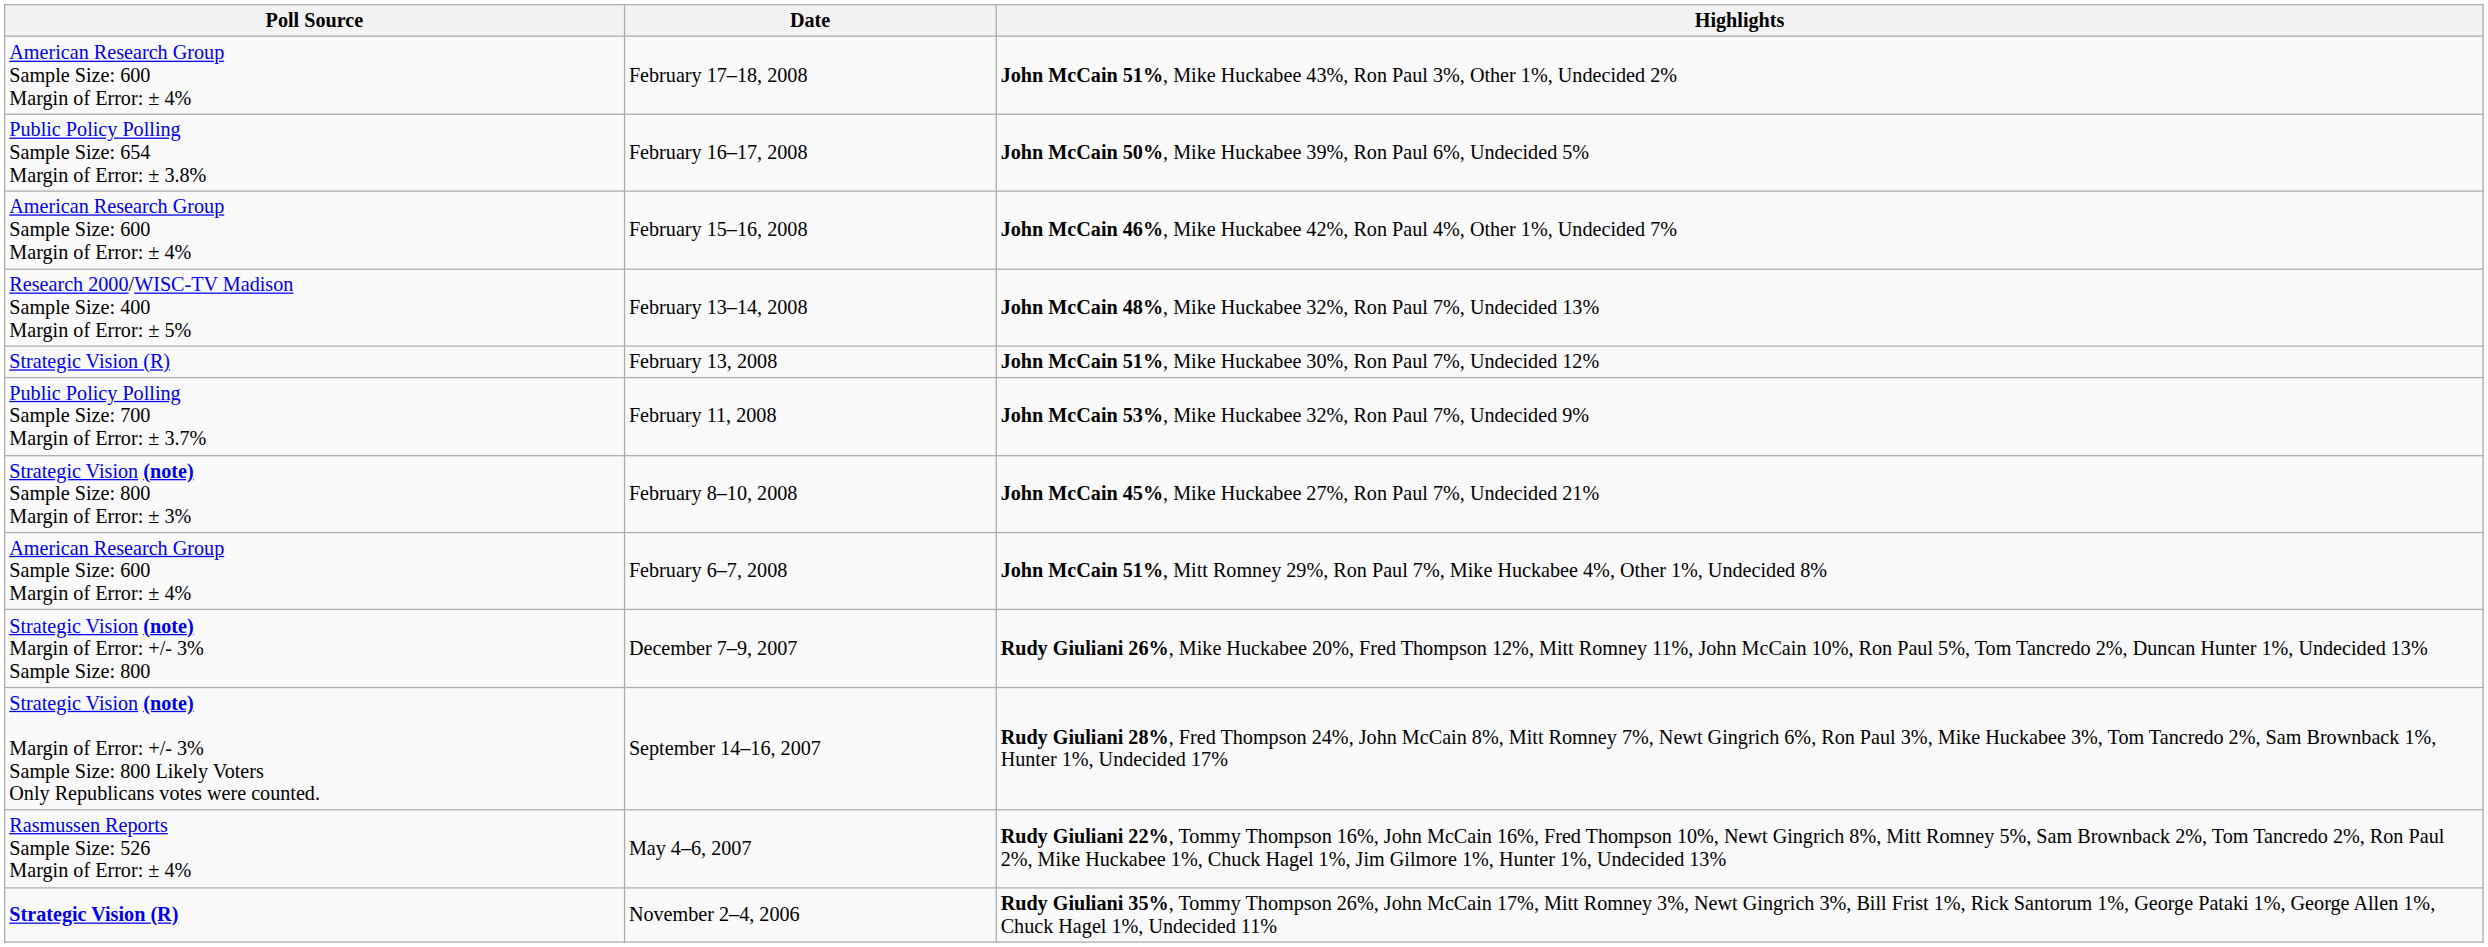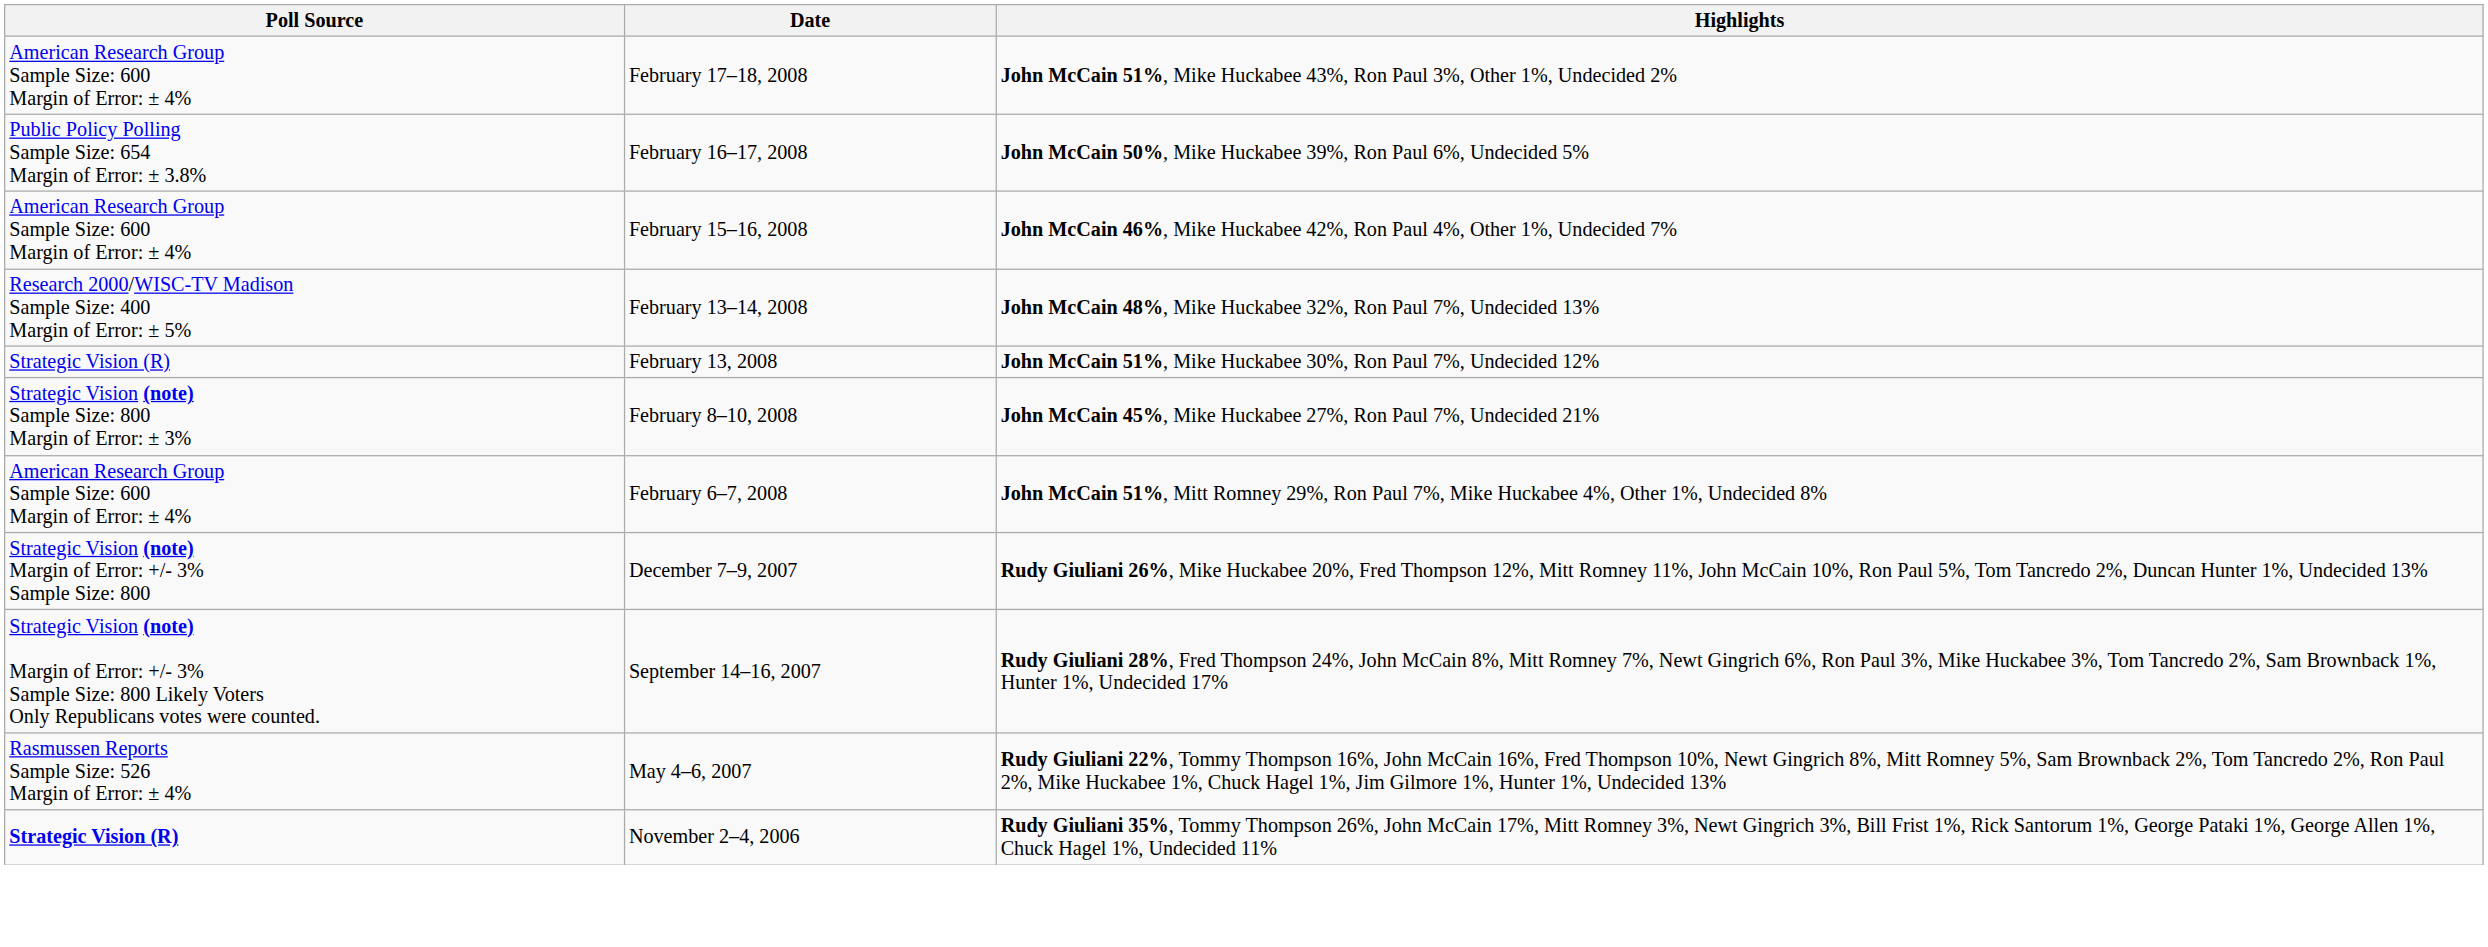 <table class="wikitable sortable">
 <tr>
 <th width="25%">Poll Source</th>
 <th width="15%">Date</th>
 <th width="60%">Highlights</th>
 </tr>
 <tr>
 <td><a href='#'>American Research Group</a><br>Sample Size: 600<br> Margin of Error: ± 4%</td>
 <td>February 17–18, 2008</td>
 <td><strong>John McCain 51%</strong>, Mike Huckabee 43%, Ron Paul 3%, Other 1%, Undecided 2%</td>
 </tr>
 <tr>
 <td><a href='#'>Public Policy Polling</a><br>Sample Size: 654<br> Margin of Error: ± 3.8%</td>
 <td>February 16–17, 2008</td>
 <td><strong>John McCain 50%</strong>, Mike Huckabee 39%, Ron Paul 6%, Undecided 5%</td>
 </tr>
 <tr>
 <td><a href='#'>American Research Group</a><br>Sample Size: 600<br> Margin of Error: ± 4%</td>
 <td>February 15–16, 2008</td>
 <td><strong>John McCain 46%</strong>, Mike Huckabee 42%, Ron Paul 4%, Other 1%, Undecided 7%</td>
 </tr>
 <tr>
 <td><a href='#'>Research 2000</a>/<a href='#'>WISC-TV Madison</a><br>Sample Size: 400<br> Margin of Error: ± 5%</td>
 <td>February 13–14, 2008</td>
 <td><strong>John McCain 48%</strong>, Mike Huckabee 32%, Ron Paul 7%, Undecided 13%</td>
 </tr>
 <tr>
 <td><a href='#'>Strategic Vision (R)</a></td>
 <td>February 13, 2008</td>
 <td><strong>John McCain 51%</strong>, Mike Huckabee 30%, Ron Paul 7%, Undecided 12%</td>
 </tr>
 <tr>
-<td><a href='#'>Public Policy Polling</a><br>Sample Size: 700<br> Margin of Error: ± 3.7%</td>
-<td>February 11, 2008</td>
-<td><strong>John McCain 53%</strong>, Mike Huckabee 32%, Ron Paul 7%, Undecided 9%</td>
-</tr>
-<tr>
 <td><a href='#'>Strategic Vision</a> <strong><a href='#'>(note)</a></strong><br>Sample Size: 800<br> Margin of Error: ± 3%</td>
 <td>February 8–10, 2008</td>
 <td><strong>John McCain 45%</strong>, Mike Huckabee 27%, Ron Paul 7%, Undecided 21%</td>
 </tr>
 <tr>
 <td><a href='#'>American Research Group</a><br>Sample Size: 600<br> Margin of Error: ± 4%</td>
 <td>February 6–7, 2008</td>
 <td><strong>John McCain 51%</strong>, Mitt Romney 29%, Ron Paul 7%, Mike Huckabee 4%, Other 1%, Undecided 8%</td>
 </tr>
 <tr>
 <td><a href='#'>Strategic Vision</a> <strong><a href='#'>(note)</a></strong><br>Margin of Error: +/- 3%<br> Sample Size: 800</td>
 <td>December 7–9, 2007</td>
 <td><strong>Rudy Giuliani 26%</strong>, Mike Huckabee 20%, Fred Thompson 12%, Mitt Romney 11%, John McCain 10%, Ron Paul 5%, Tom Tancredo 2%, Duncan Hunter 1%, Undecided 13%</td>
 </tr>
 <tr>
 <td><a href='#'>Strategic Vision</a> <strong><a href='#'>(note)</a></strong><br><br>Margin of Error: +/- 3%<br> Sample Size: 800 Likely Voters<br> Only Republicans votes were counted.</td>
 <td>September 14–16, 2007</td>
 <td><strong>Rudy Giuliani 28%</strong>, Fred Thompson 24%, John McCain 8%, Mitt Romney 7%, Newt Gingrich 6%, Ron Paul 3%, Mike Huckabee 3%, Tom Tancredo 2%, Sam Brownback 1%, Hunter 1%, Undecided 17%</td>
 </tr>
 <tr>
 <td><a href='#'>Rasmussen Reports</a><br>Sample Size: 526<br> Margin of Error: ± 4%</td>
 <td>May 4–6, 2007</td>
 <td><strong>Rudy Giuliani 22%</strong>, Tommy Thompson 16%, John McCain 16%, Fred Thompson 10%, Newt Gingrich 8%, Mitt Romney 5%, Sam Brownback 2%, Tom Tancredo 2%,  Ron Paul 2%, Mike Huckabee 1%, Chuck Hagel 1%, Jim Gilmore 1%, Hunter 1%, Undecided 13%</td>
 </tr>
 <tr>
 <td><strong><a href='#'>Strategic Vision (R)</a></strong></td>
 <td>November 2–4, 2006</td>
 <td><strong>Rudy Giuliani 35%</strong>, Tommy Thompson 26%, John McCain 17%, Mitt Romney 3%, Newt Gingrich 3%, Bill Frist 1%, Rick Santorum 1%, George Pataki 1%, George Allen 1%, Chuck Hagel 1%, Undecided 11%</td>
 </tr>
 </table>
